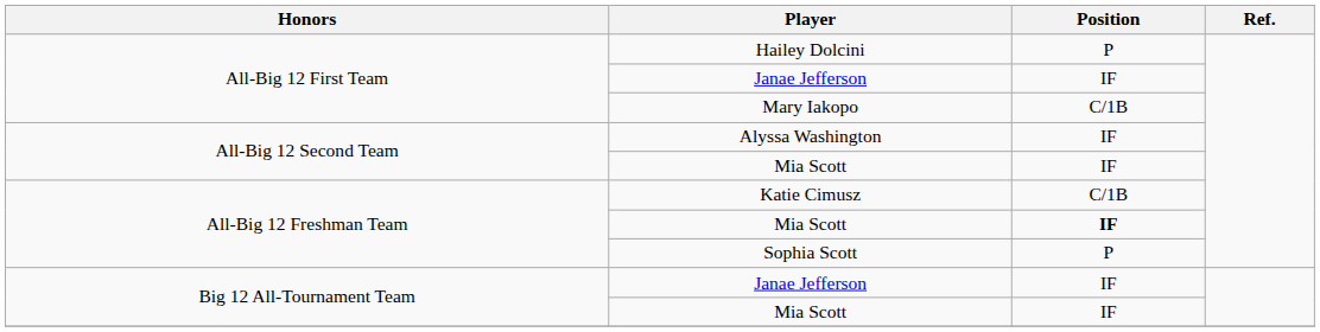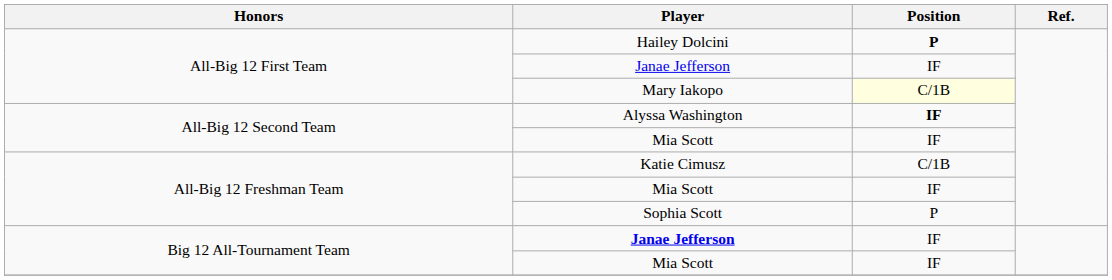 <table class="wikitable" style="width: 90%;text-align: center;">
 <tr>
 <th style=>Honors</th>
 <th style=>Player</th>
 <th style=>Position</th>
 <th style=>Ref.</th>
 </tr>
 <tr align="center">
 <td rowspan="3">All-Big 12 First Team</td>
 <td>Hailey Dolcini</td>
-<td>P</td>
+<td><strong>P</strong></td>
 <td rowspan="8"></td>
 </tr>
 <tr>
 <td><a href='#'>Janae Jefferson</a></td>
 <td>IF</td>
 </tr>
 <tr>
 <td>Mary Iakopo</td>
-<td>C/1B</td>
+<td style="background: lightyellow;">C/1B</td>
 </tr>
 <tr>
 <td rowspan="2">All-Big 12 Second Team</td>
 <td>Alyssa Washington</td>
-<td>IF</td>
+<td><strong>IF</strong></td>
 </tr>
 <tr>
 <td>Mia Scott</td>
 <td>IF</td>
 </tr>
 <tr>
 <td rowspan="3">All-Big 12 Freshman Team</td>
 <td>Katie Cimusz</td>
 <td>C/1B</td>
 </tr>
 <tr>
 <td>Mia Scott</td>
-<td><strong>IF</strong></td>
+<td>IF</td>
 </tr>
 <tr>
 <td>Sophia Scott</td>
 <td>P</td>
 </tr>
 <tr>
 <td rowspan="2">Big 12 All-Tournament Team</td>
-<td><a href='#'>Janae Jefferson</a></td>
+<td><strong><a href='#'>Janae Jefferson</a></strong></td>
 <td>IF</td>
 <td rowspan="2"></td>
 </tr>
 <tr>
 <td>Mia Scott</td>
 <td>IF</td>
 </tr>
 <tr>
 </tr>
 </table>
